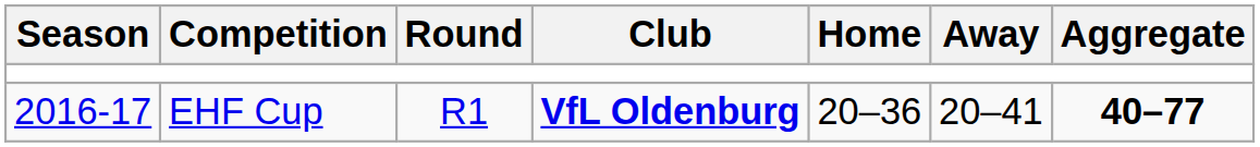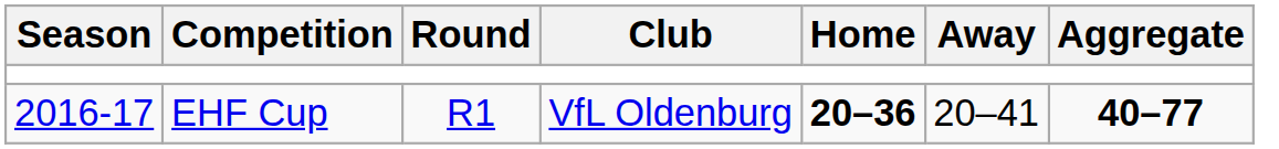 <table class="wikitable">
 <tr>
 <th>Season</th>
 <th>Competition</th>
 <th>Round</th>
 <th>Club</th>
 <th>Home</th>
 <th>Away</th>
 <th>Aggregate</th>
 </tr>
 <tr>
 <td colspan="7" bgcolor=white></td>
 </tr>
 <tr>
 <td><a href='#'>2016-17</a></td>
 <td><a href='#'>EHF Cup</a></td>
 <td style="text-align:center;"><a href='#'>R1</a></td>
-<td><strong> <a href='#'>VfL Oldenburg</a></strong></td>
-<td style="text-align:center;">20–36</td>
+<td> <a href='#'>VfL Oldenburg</a></td>
+<td style="text-align:center;"><strong>20–36</strong></td>
 <td style="text-align:center;">20–41</td>
 <td style="text-align:center;"><strong>40–77</strong></td>
 </tr>
 </table>
